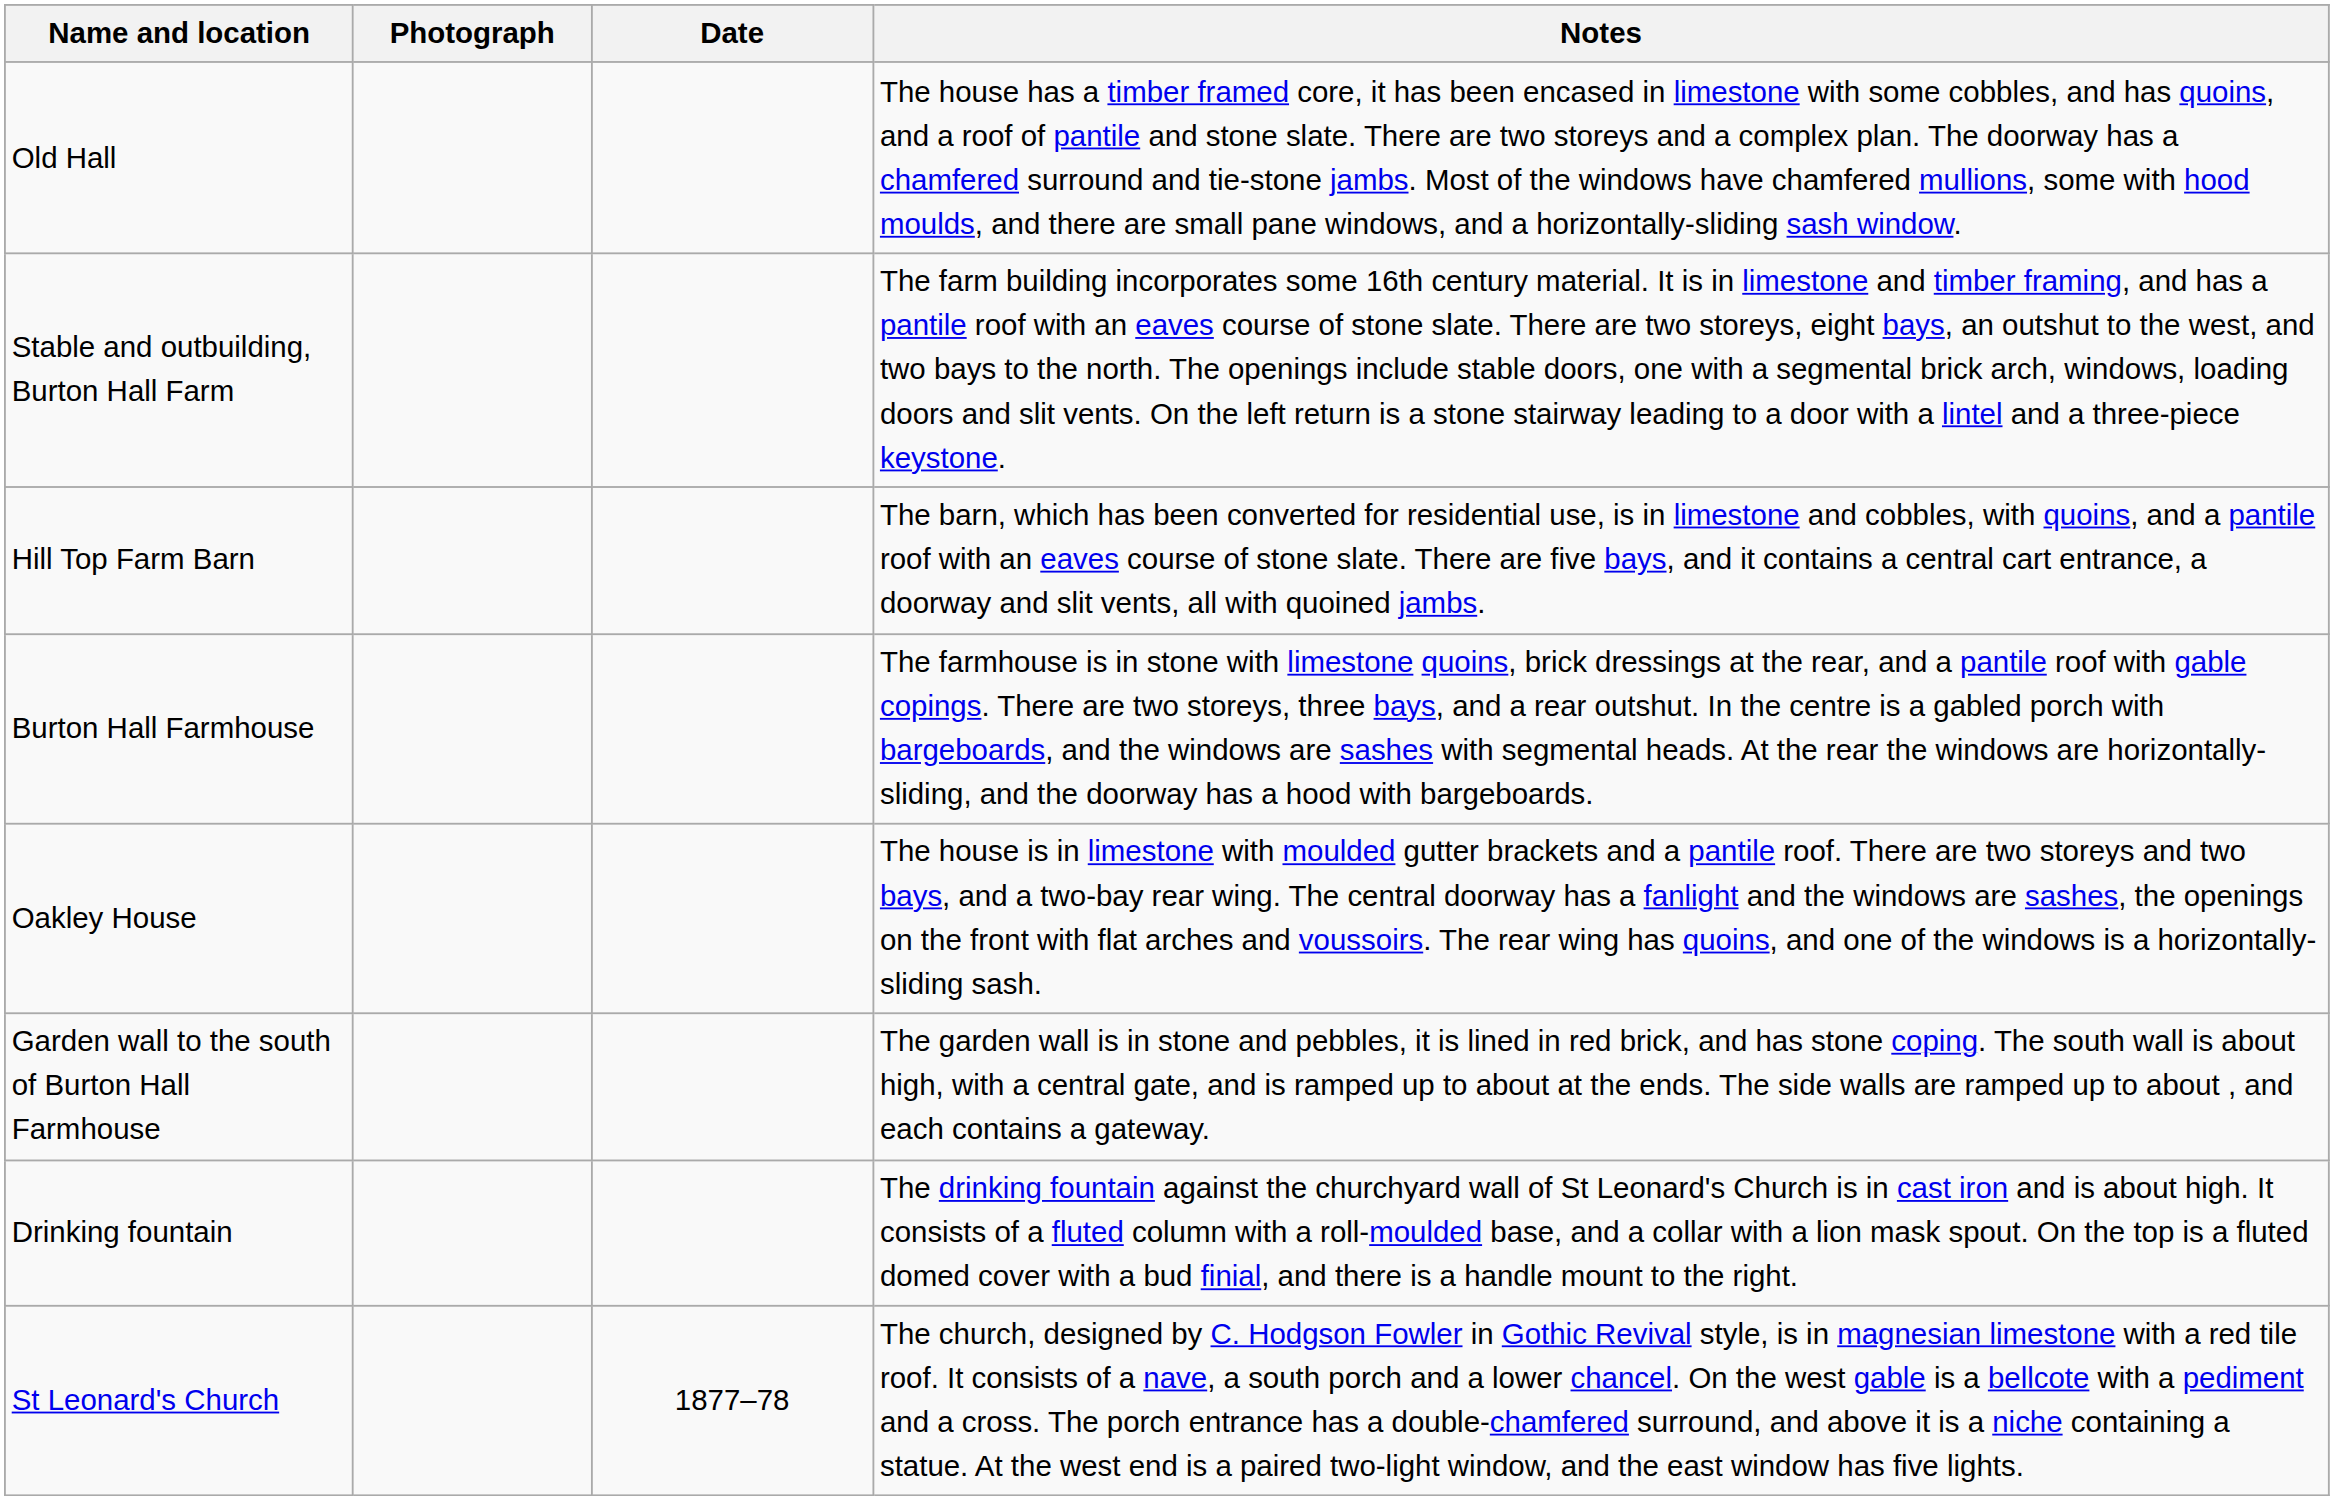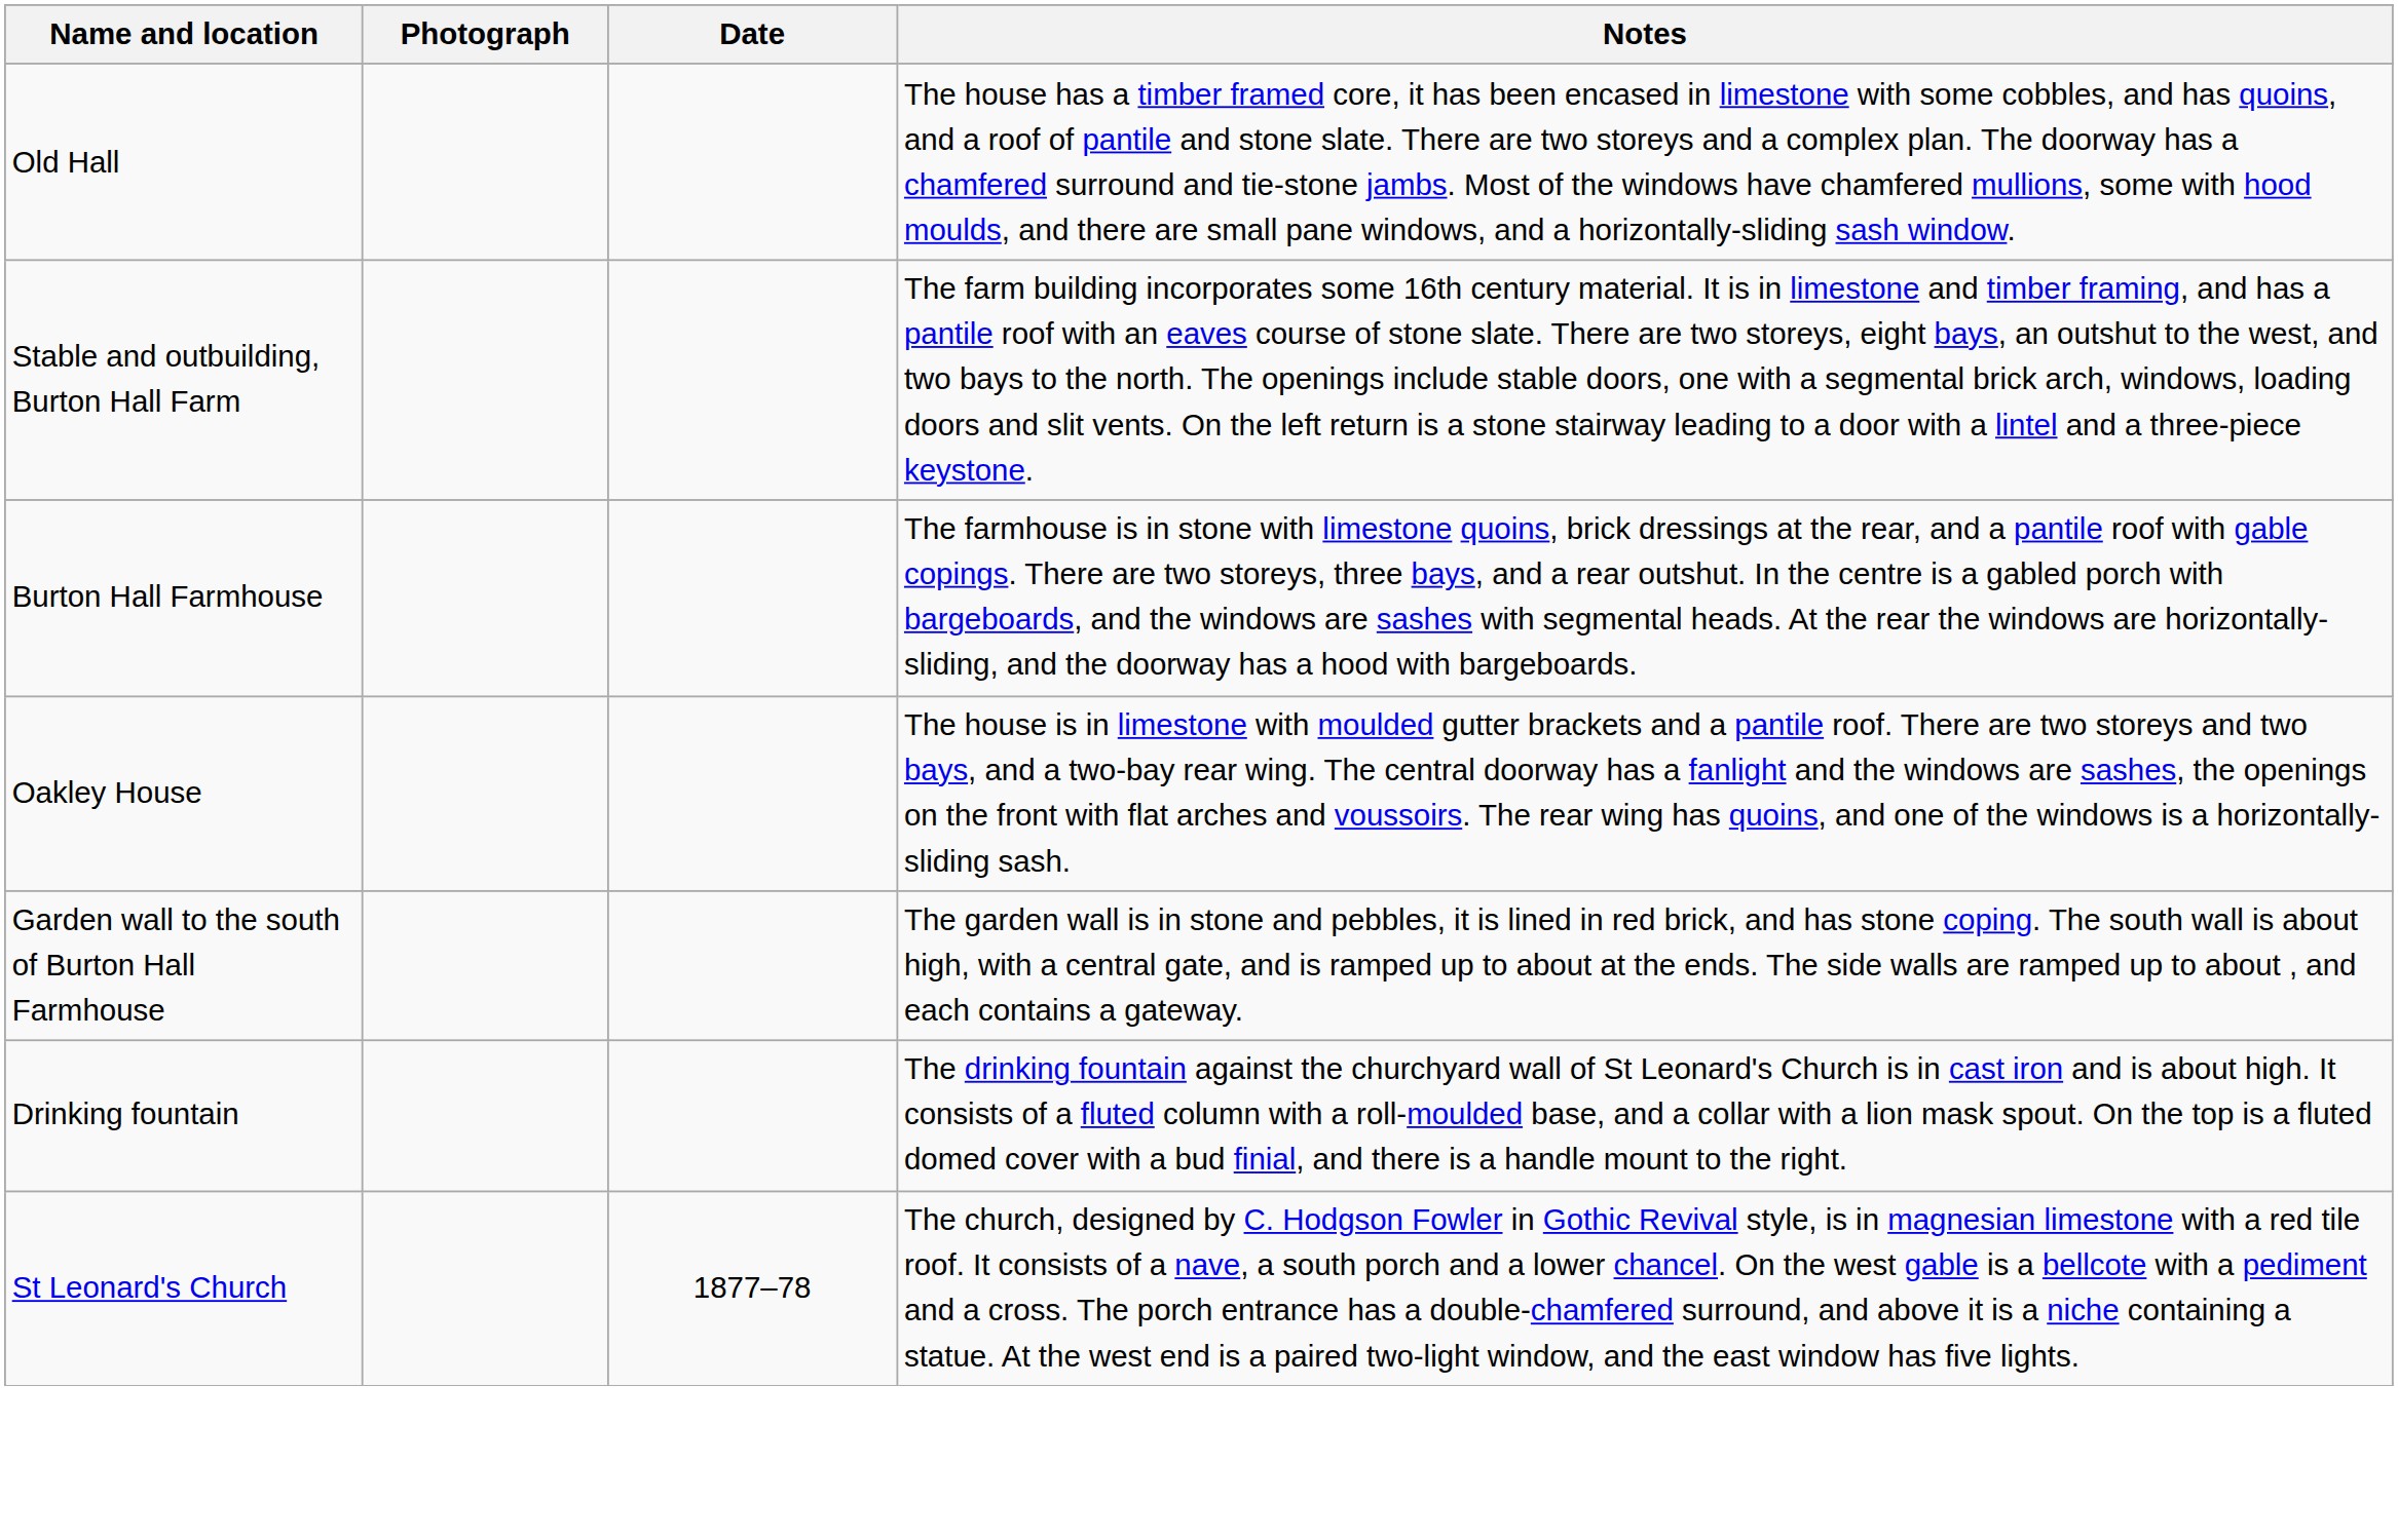 <table class="wikitable sortable plainrowheaders" style="width:100%;border:0px;text-align:left;line-height:150%;">
 <tr>
 <th scope="col"  style="width:150px">Name and location</th>
 <th scope="col"  style="width:100px" class="unsortable">Photograph</th>
 <th scope="col"  style="width:120px">Date</th>
 <th scope="col"  style="width:650px" class="unsortable">Notes</th>
 </tr>
 <tr>
 <td>Old Hall<br><small></small></td>
 <td></td>
 <td align="center"></td>
 <td>The house has a <a href='#'>timber framed</a> core, it has been encased in <a href='#'>limestone</a> with some cobbles, and has <a href='#'>quoins</a>, and a roof of <a href='#'>pantile</a> and stone slate.  There are two storeys and a complex plan.  The doorway has a <a href='#'>chamfered</a> surround and tie-stone <a href='#'>jambs</a>.  Most of the windows have chamfered <a href='#'>mullions</a>, some with <a href='#'>hood moulds</a>, and there are small pane windows, and a horizontally-sliding <a href='#'>sash window</a>.</td>
 </tr>
 <tr>
 <td>Stable and outbuilding, Burton Hall Farm<br><small></small></td>
 <td></td>
 <td align="center"></td>
 <td>The farm building incorporates some 16th century material.  It is in <a href='#'>limestone</a> and <a href='#'>timber framing</a>, and has a <a href='#'>pantile</a> roof with an <a href='#'>eaves</a> course of stone slate.  There are two storeys, eight <a href='#'>bays</a>, an outshut to the west, and two bays to the north.  The openings include stable doors, one with a segmental brick arch, windows, loading doors and slit vents. On the left return is a stone stairway leading to a door with a <a href='#'>lintel</a> and a three-piece <a href='#'>keystone</a>.</td>
-</tr>
-<tr>
-<td>Hill Top Farm Barn<br><small></small></td>
-<td></td>
-<td align="center"></td>
-<td>The barn, which has been converted for residential use, is in <a href='#'>limestone</a> and cobbles, with <a href='#'>quoins</a>, and a <a href='#'>pantile</a> roof with an <a href='#'>eaves</a> course of stone slate.  There are five <a href='#'>bays</a>, and it contains a central cart entrance, a doorway and slit vents, all with quoined <a href='#'>jambs</a>.</td>
 </tr>
 <tr>
 <td>Burton Hall Farmhouse<br><small></small></td>
 <td></td>
 <td align="center"></td>
 <td>The farmhouse is in stone with <a href='#'>limestone</a> <a href='#'>quoins</a>, brick dressings at the rear, and a <a href='#'>pantile</a> roof with <a href='#'>gable</a> <a href='#'>copings</a>. There are two storeys, three <a href='#'>bays</a>, and a rear outshut.  In the centre is a gabled porch with <a href='#'>bargeboards</a>, and the windows are <a href='#'>sashes</a> with segmental heads.  At the rear the windows are horizontally-sliding, and the doorway has a hood with bargeboards.</td>
 </tr>
 <tr>
 <td>Oakley House<br><small></small></td>
 <td></td>
 <td align="center"></td>
 <td>The house is in <a href='#'>limestone</a> with <a href='#'>moulded</a> gutter brackets and a <a href='#'>pantile</a> roof.  There are two storeys and two <a href='#'>bays</a>, and a two-bay rear wing.  The central doorway has a <a href='#'>fanlight</a> and the windows are <a href='#'>sashes</a>, the openings on the front with flat arches and <a href='#'>voussoirs</a>.  The rear wing has <a href='#'>quoins</a>, and one of the windows is a horizontally-sliding sash.</td>
 </tr>
 <tr>
 <td>Garden wall to the south of Burton Hall Farmhouse<br><small></small></td>
 <td></td>
 <td align="center"></td>
 <td>The garden wall is in stone and pebbles, it is lined in red brick, and has stone <a href='#'>coping</a>.  The south wall is about  high, with a central gate, and is ramped up to about  at the ends.  The side walls are ramped up to about , and each contains a gateway.</td>
 </tr>
 <tr>
 <td>Drinking fountain<br><small></small></td>
 <td></td>
 <td align="center"></td>
 <td>The <a href='#'>drinking fountain</a> against the churchyard wall of St Leonard's Church is in <a href='#'>cast iron</a> and is about  high.  It consists of a <a href='#'>fluted</a> column with a roll-<a href='#'>moulded</a> base, and a collar with a lion mask spout.  On the top is a fluted domed cover with a bud <a href='#'>finial</a>, and there is a handle mount to the right.</td>
 </tr>
 <tr>
 <td><a href='#'>St Leonard's Church</a><br><small></small></td>
 <td></td>
 <td align="center">1877–78</td>
 <td>The church, designed by <a href='#'>C. Hodgson Fowler</a> in <a href='#'>Gothic Revival</a> style, is in <a href='#'>magnesian limestone</a> with a red tile roof.  It consists of a <a href='#'>nave</a>, a south porch and a lower <a href='#'>chancel</a>.  On the west <a href='#'>gable</a> is a <a href='#'>bellcote</a> with a <a href='#'>pediment</a> and a cross.  The porch entrance has a double-<a href='#'>chamfered</a> surround, and above it is a <a href='#'>niche</a> containing a statue.  At the west end is a paired two-light window, and the east window has five lights.</td>
 </tr>
 <tr>
 </tr>
 </table>
